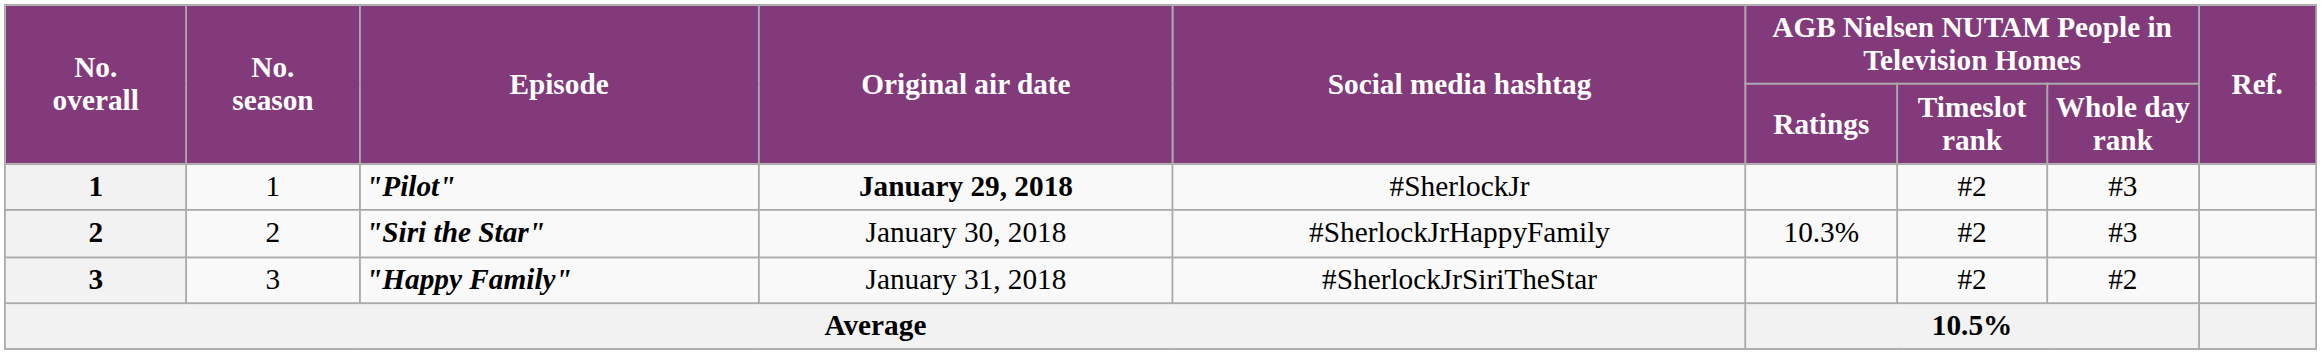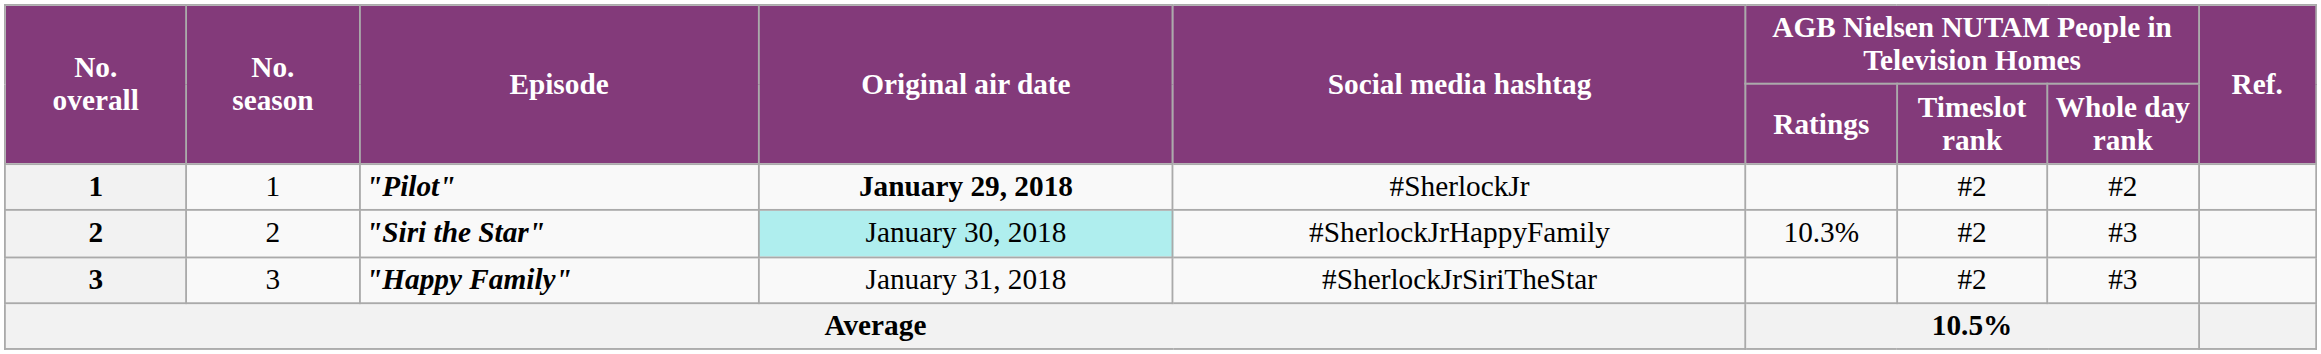 <table class="wikitable" style="text-align:center; font-size:100%; line-height:18px;" width="100%">
 <tr>
 <th style="background-color:#833A7A; color:#ffffff;" rowspan="2">No.<br>overall</th>
 <th style="background-color:#833A7A; color:#ffffff;" rowspan="2">No.<br>season</th>
 <th style="background-color:#833A7A; color:#ffffff;" rowspan="2">Episode</th>
 <th style="background-color:#833A7A; color:#ffffff;" rowspan="2">Original air date</th>
 <th style="background-color:#833A7A; color:white" rowspan="2">Social media hashtag</th>
 <th style="background-color:#833A7A; color:#ffffff;" colspan="3">AGB Nielsen NUTAM People in Television Homes</th>
 <th style="background-color:#833A7A; color:#ffffff;" rowspan="2">Ref.</th>
 </tr>
 <tr>
 <th style="background-color:#833A7A; width:75px; color:#ffffff;">Ratings</th>
 <th style="background-color:#833A7A; width:75px; color:#ffffff;">Timeslot<br>rank</th>
 <th style="background-color:#833A7A; width:75px; color:#ffffff;">Whole day<br>rank</th>
 </tr>
 <tr>
 <th>1</th>
 <td>1</td>
 <td style="text-align: left;"><strong><em>"Pilot"</em></strong></td>
 <td><strong>January 29, 2018</strong></td>
 <td>#SherlockJr</td>
 <td></td>
 <td>#2</td>
-<td>#3</td>
+<td>#2</td>
 <td></td>
 </tr>
 <tr>
 <th>2</th>
 <td>2</td>
 <td style="text-align: left;"><strong><em>"Siri the Star"</em></strong></td>
-<td>January 30, 2018</td>
+<td style="background: paleturquoise;">January 30, 2018</td>
 <td>#SherlockJrHappyFamily</td>
 <td>10.3%</td>
 <td>#2</td>
 <td>#3</td>
 <td></td>
 </tr>
 <tr>
 <th>3</th>
 <td>3</td>
 <td style="text-align: left;"><strong><em>"Happy Family"</em></strong></td>
 <td>January 31, 2018</td>
 <td>#SherlockJrSiriTheStar</td>
 <td></td>
 <td>#2</td>
-<td>#2</td>
+<td>#3</td>
 <td></td>
 </tr>
 <tr>
 <th colspan="5">Average</th>
 <th colspan="3">10.5%</th>
 <th></th>
 </tr>
 </table>
